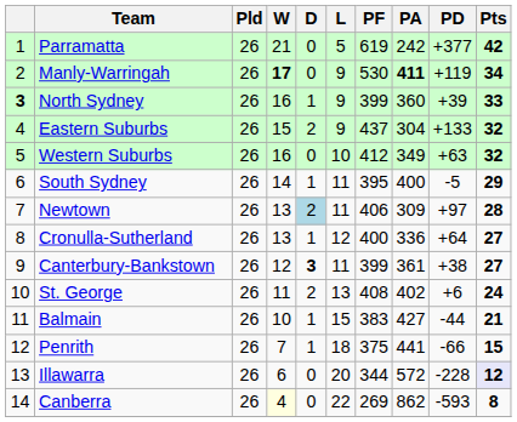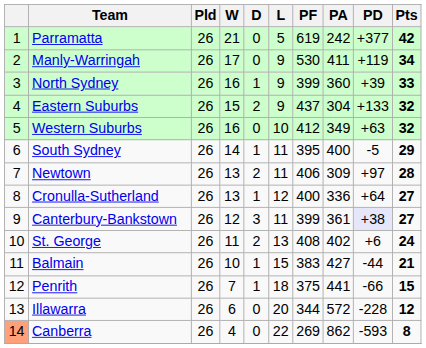 <table class="wikitable" style="text-align:center;">
 <tr>
 <th width=20 abbr="Position×"></th>
 <th width=175>Team</th>
 <th width=20 abbr="Played">Pld</th>
 <th width=20 abbr="Won">W</th>
 <th width=20 abbr="Drawn">D</th>
 <th width=20 abbr="Lost">L</th>
 <th width=20 abbr="Points for">PF</th>
 <th width=20 abbr="Points against">PA</th>
 <th width=20 abbr="Points difference">PD</th>
 <th width=20 abbr="Points">Pts</th>
 </tr>
 <tr style="background: #ccffcc;">
 <td>1</td>
 <td style="text-align:left;"> <a href='#'>Parramatta</a></td>
 <td>26</td>
 <td>21</td>
 <td>0</td>
 <td>5</td>
 <td>619</td>
 <td>242</td>
 <td>+377</td>
 <td><strong>42</strong></td>
 </tr>
 <tr style="background: #ccffcc;">
 <td>2</td>
 <td style="text-align:left;"> <a href='#'>Manly-Warringah</a></td>
 <td>26</td>
-<td><strong>17</strong></td>
+<td>17</td>
 <td>0</td>
 <td>9</td>
 <td>530</td>
-<td><strong>411</strong></td>
+<td>411</td>
 <td>+119</td>
 <td><strong>34</strong></td>
 </tr>
 <tr style="background: #ccffcc;">
-<td><strong>3</strong></td>
+<td>3</td>
 <td style="text-align:left;"> <a href='#'>North Sydney</a></td>
 <td>26</td>
 <td>16</td>
 <td>1</td>
 <td>9</td>
 <td>399</td>
 <td>360</td>
 <td>+39</td>
 <td><strong>33</strong></td>
 </tr>
 <tr style="background: #ccffcc;">
 <td>4</td>
 <td style="text-align:left;"> <a href='#'>Eastern Suburbs</a></td>
 <td>26</td>
 <td>15</td>
 <td>2</td>
 <td>9</td>
 <td>437</td>
 <td>304</td>
 <td>+133</td>
 <td><strong>32</strong></td>
 </tr>
 <tr style="background: #ccffcc;">
 <td>5</td>
 <td style="text-align:left;"> <a href='#'>Western Suburbs</a></td>
 <td>26</td>
 <td>16</td>
 <td>0</td>
 <td>10</td>
 <td>412</td>
 <td>349</td>
 <td>+63</td>
 <td><strong>32</strong></td>
 </tr>
 <tr>
 <td>6</td>
 <td style="text-align:left;"> <a href='#'>South Sydney</a></td>
 <td>26</td>
 <td>14</td>
 <td>1</td>
 <td>11</td>
 <td>395</td>
 <td>400</td>
 <td>-5</td>
 <td><strong>29</strong></td>
 </tr>
 <tr>
 <td>7</td>
 <td style="text-align:left;"> <a href='#'>Newtown</a></td>
 <td>26</td>
 <td>13</td>
-<td style="background: lightblue;">2</td>
+<td>2</td>
 <td>11</td>
 <td>406</td>
 <td>309</td>
 <td>+97</td>
 <td><strong>28</strong></td>
 </tr>
 <tr>
 <td>8</td>
 <td style="text-align:left;"> <a href='#'>Cronulla-Sutherland</a></td>
 <td>26</td>
 <td>13</td>
 <td>1</td>
 <td>12</td>
 <td>400</td>
 <td>336</td>
 <td>+64</td>
 <td><strong>27</strong></td>
 </tr>
 <tr>
 <td>9</td>
 <td style="text-align:left;"> <a href='#'>Canterbury-Bankstown</a></td>
 <td>26</td>
 <td>12</td>
-<td><strong>3</strong></td>
+<td>3</td>
 <td>11</td>
 <td>399</td>
 <td>361</td>
-<td>+38</td>
+<td style="background: lavender;">+38</td>
 <td><strong>27</strong></td>
 </tr>
 <tr>
 <td>10</td>
 <td style="text-align:left;"> <a href='#'>St. George</a></td>
 <td>26</td>
 <td>11</td>
 <td>2</td>
 <td>13</td>
 <td>408</td>
 <td>402</td>
 <td>+6</td>
 <td><strong>24</strong></td>
 </tr>
 <tr>
 <td>11</td>
 <td style="text-align:left;"> <a href='#'>Balmain</a></td>
 <td>26</td>
 <td>10</td>
 <td>1</td>
 <td>15</td>
 <td>383</td>
 <td>427</td>
 <td>-44</td>
 <td><strong>21</strong></td>
 </tr>
 <tr>
 <td>12</td>
 <td style="text-align:left;"> <a href='#'>Penrith</a></td>
 <td>26</td>
 <td>7</td>
 <td>1</td>
 <td>18</td>
 <td>375</td>
 <td>441</td>
 <td>-66</td>
 <td><strong>15</strong></td>
 </tr>
 <tr>
 <td>13</td>
 <td style="text-align:left;"> <a href='#'>Illawarra</a></td>
 <td>26</td>
 <td>6</td>
 <td>0</td>
 <td>20</td>
 <td>344</td>
 <td>572</td>
 <td>-228</td>
-<td style="background: lavender;"><strong>12</strong></td>
+<td><strong>12</strong></td>
 </tr>
 <tr>
-<td>14</td>
+<td style="background: lightsalmon;">14</td>
 <td style="text-align:left;"> <a href='#'>Canberra</a></td>
 <td>26</td>
-<td style="background: lightyellow;">4</td>
+<td>4</td>
 <td>0</td>
 <td>22</td>
 <td>269</td>
 <td>862</td>
 <td>-593</td>
 <td><strong>8</strong></td>
 </tr>
 <tr>
 </tr>
 </table>
